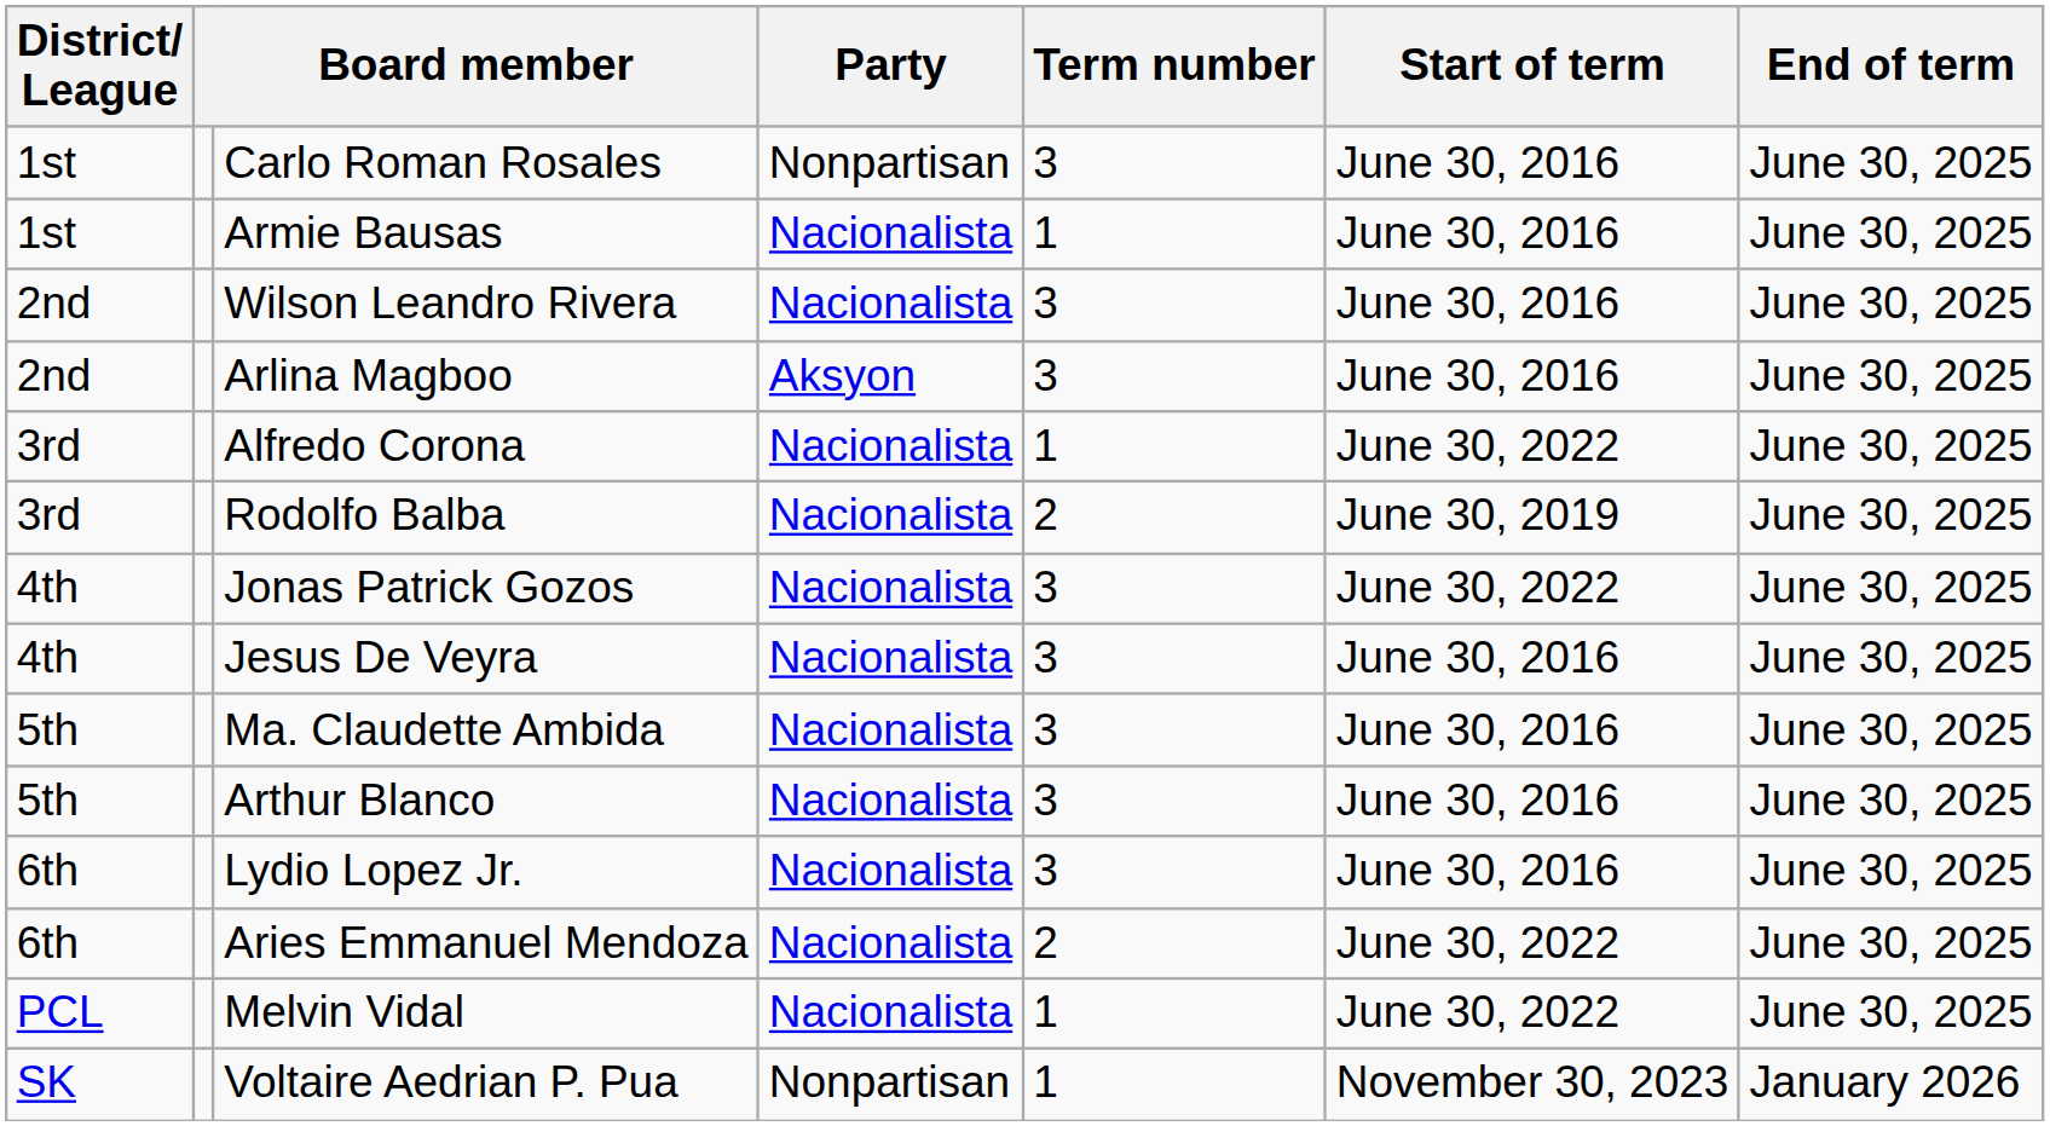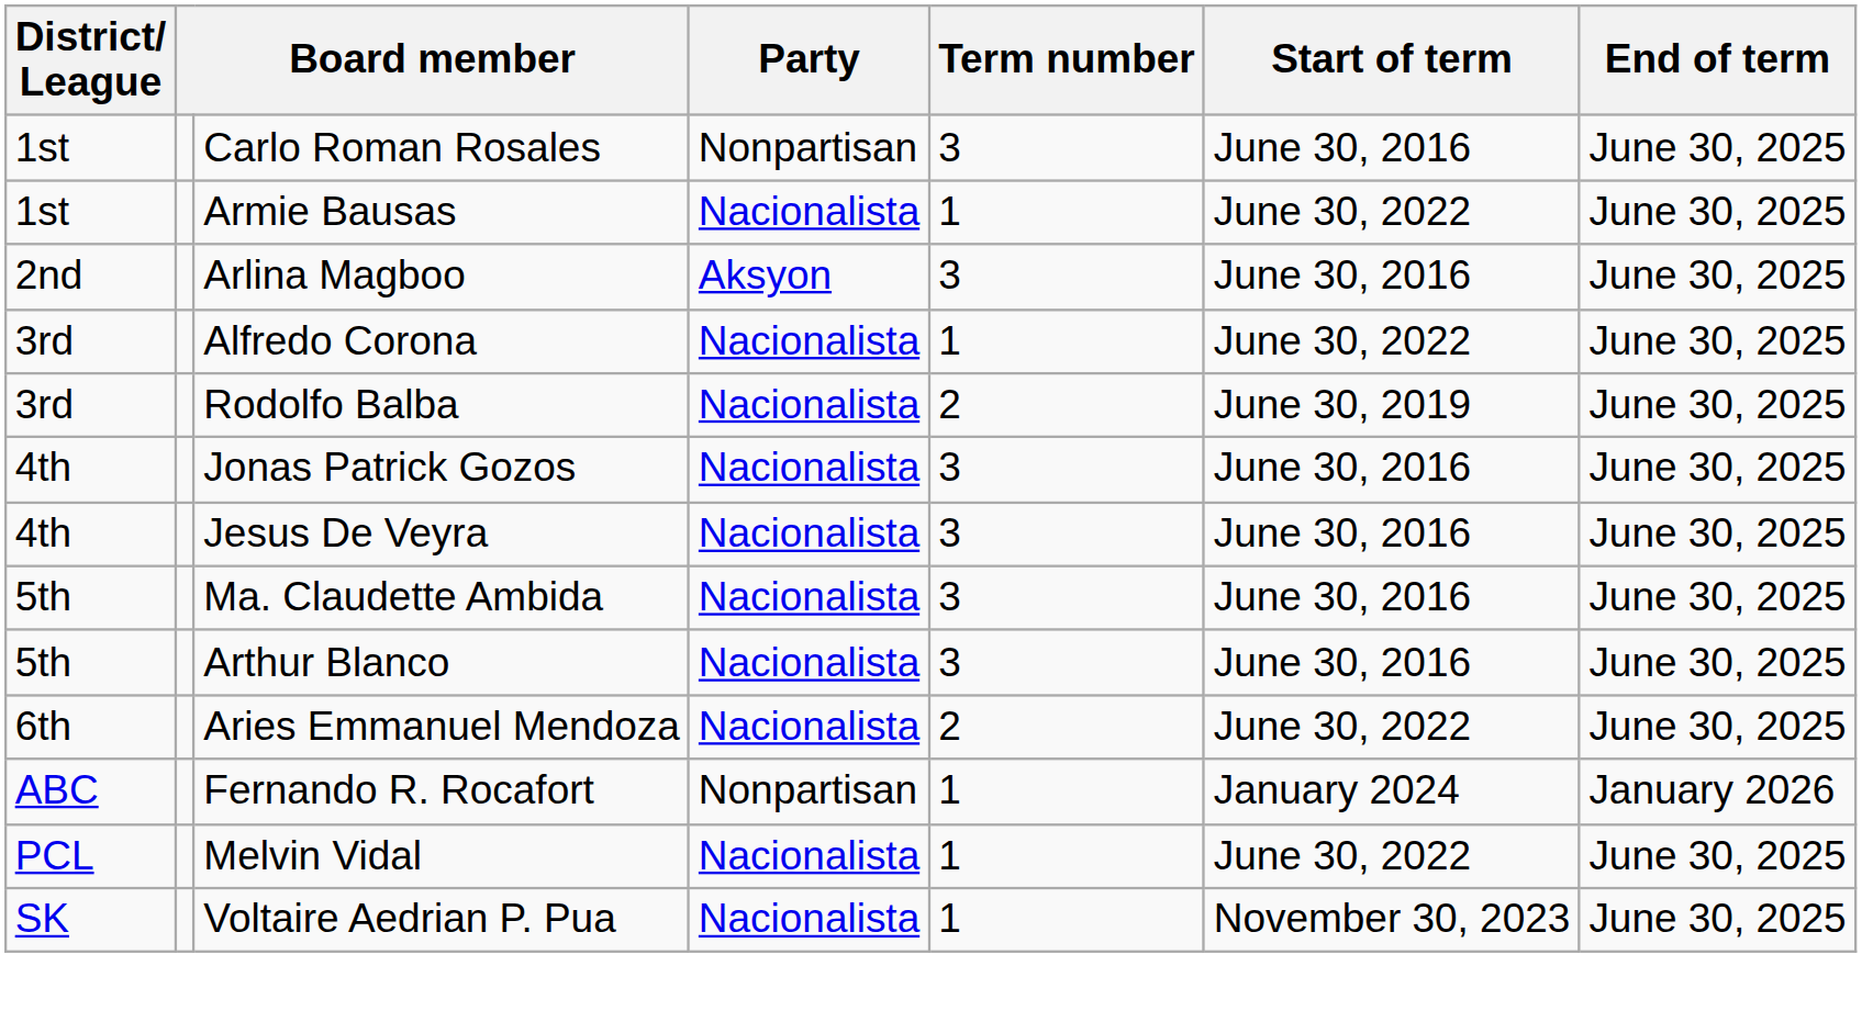 <table class="wikitable">
 <tr>
 <th>District/<br>League</th>
 <th colspan="2">Board member</th>
 <th>Party</th>
 <th>Term number</th>
 <th>Start of term</th>
 <th>End of term</th>
 </tr>
 <tr>
 <td>1st</td>
 <td bgcolor=></td>
 <td>Carlo Roman Rosales</td>
 <td>Nonpartisan</td>
 <td>3</td>
 <td>June 30, 2016</td>
 <td>June 30, 2025</td>
 </tr>
 <tr>
 <td>1st</td>
 <td bgcolor=></td>
 <td>Armie Bausas</td>
 <td><a href='#'>Nacionalista</a></td>
 <td>1</td>
-<td>June 30, 2016</td>
-<td>June 30, 2025</td>
-</tr>
-<tr>
-<td>2nd</td>
-<td bgcolor=></td>
-<td>Wilson Leandro Rivera</td>
-<td><a href='#'>Nacionalista</a></td>
-<td>3</td>
-<td>June 30, 2016</td>
+<td>June 30, 2022</td>
 <td>June 30, 2025</td>
 </tr>
 <tr>
 <td>2nd</td>
 <td bgcolor=></td>
 <td>Arlina Magboo</td>
 <td><a href='#'>Aksyon</a></td>
 <td>3</td>
 <td>June 30, 2016</td>
 <td>June 30, 2025</td>
 </tr>
 <tr>
 <td>3rd</td>
 <td bgcolor=></td>
 <td>Alfredo Corona</td>
 <td><a href='#'>Nacionalista</a></td>
 <td>1</td>
 <td>June 30, 2022</td>
 <td>June 30, 2025</td>
 </tr>
 <tr>
 <td>3rd</td>
 <td bgcolor=></td>
 <td>Rodolfo Balba</td>
 <td><a href='#'>Nacionalista</a></td>
 <td>2</td>
 <td>June 30, 2019</td>
 <td>June 30, 2025</td>
 </tr>
 <tr>
 <td>4th</td>
 <td bgcolor=></td>
 <td>Jonas Patrick Gozos</td>
 <td><a href='#'>Nacionalista</a></td>
 <td>3</td>
-<td>June 30, 2022</td>
+<td>June 30, 2016</td>
 <td>June 30, 2025</td>
 </tr>
 <tr>
 <td>4th</td>
 <td bgcolor=></td>
 <td>Jesus De Veyra</td>
 <td><a href='#'>Nacionalista</a></td>
 <td>3</td>
 <td>June 30, 2016</td>
 <td>June 30, 2025</td>
 </tr>
 <tr>
 <td>5th</td>
 <td bgcolor=></td>
 <td>Ma. Claudette Ambida</td>
 <td><a href='#'>Nacionalista</a></td>
 <td>3</td>
 <td>June 30, 2016</td>
 <td>June 30, 2025</td>
 </tr>
 <tr>
 <td>5th</td>
 <td bgcolor=></td>
 <td>Arthur Blanco</td>
 <td><a href='#'>Nacionalista</a></td>
 <td>3</td>
 <td>June 30, 2016</td>
 <td>June 30, 2025</td>
 </tr>
 <tr>
 <td>6th</td>
 <td bgcolor=></td>
-<td>Lydio Lopez Jr.</td>
-<td><a href='#'>Nacionalista</a></td>
-<td>3</td>
-<td>June 30, 2016</td>
-<td>June 30, 2025</td>
-</tr>
-<tr>
-<td>6th</td>
-<td bgcolor=></td>
 <td>Aries Emmanuel Mendoza</td>
 <td><a href='#'>Nacionalista</a></td>
 <td>2</td>
 <td>June 30, 2022</td>
 <td>June 30, 2025</td>
+</tr>
+<tr>
+<td><a href='#'>ABC</a></td>
+<td></td>
+<td>Fernando R. Rocafort</td>
+<td>Nonpartisan</td>
+<td>1</td>
+<td>January 2024</td>
+<td>January 2026</td>
 </tr>
 <tr>
 <td><a href='#'>PCL</a></td>
 <td></td>
 <td>Melvin Vidal</td>
 <td><a href='#'>Nacionalista</a></td>
 <td>1</td>
 <td>June 30, 2022</td>
 <td>June 30, 2025</td>
 </tr>
 <tr>
 <td><a href='#'>SK</a></td>
 <td></td>
 <td>Voltaire Aedrian P. Pua</td>
-<td>Nonpartisan</td>
+<td><a href='#'>Nacionalista</a></td>
 <td>1</td>
 <td>November 30, 2023</td>
-<td>January 2026</td>
+<td>June 30, 2025</td>
 </tr>
 </table>
